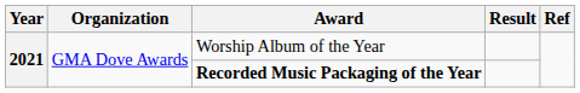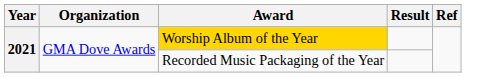 <table class="wikitable plainrowheaders">
 <tr>
 <th>Year</th>
 <th>Organization</th>
 <th>Award</th>
 <th>Result</th>
 <th>Ref</th>
 </tr>
 <tr>
 <th rowspan="2">2021</th>
 <td rowspan="2"><a href='#'>GMA Dove Awards</a></td>
-<td>Worship Album of the Year</td>
+<td style="background: gold;">Worship Album of the Year</td>
 <td></td>
 <td rowspan="2"></td>
 </tr>
 <tr>
-<td><strong>Recorded Music Packaging of the Year</strong></td>
+<td>Recorded Music Packaging of the Year</td>
 <td></td>
 </tr>
 </table>
